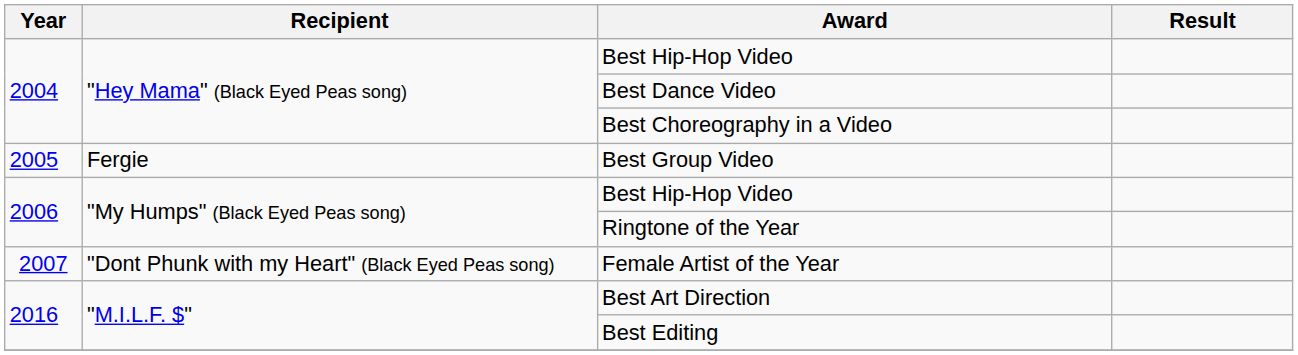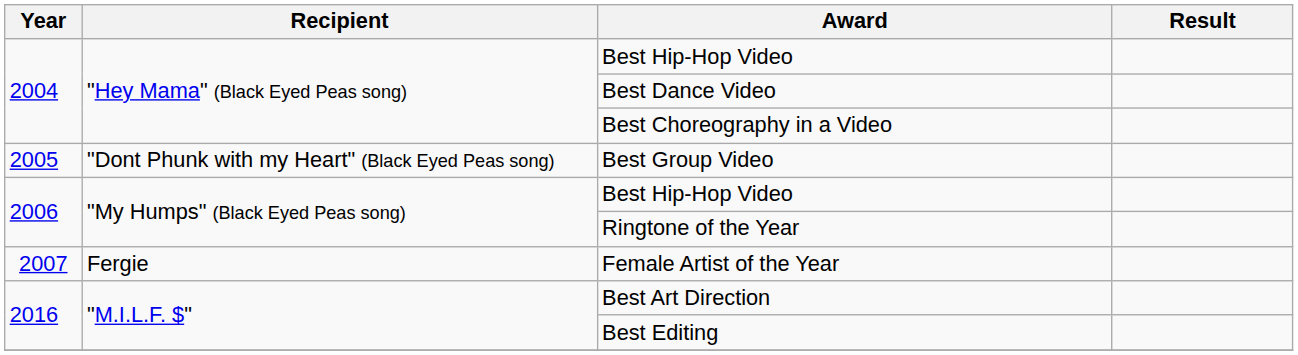 <table style="width: 75%;" class="wikitable">
 <tr>
 <th style="width:6%;"><strong>Year</strong></th>
 <th style="width:40%;"><strong>Recipient</strong></th>
 <th style="width:40%;"><strong>Award</strong></th>
 <th style="width:14%;"><strong>Result</strong></th>
 </tr>
 <tr>
 <td rowspan=3><a href='#'>2004</a></td>
 <td rowspan=3>"<a href='#'>Hey Mama</a>" <small>(Black Eyed Peas song)</small></td>
 <td>Best Hip-Hop Video</td>
 <td></td>
 </tr>
 <tr>
 <td>Best Dance Video</td>
 <td></td>
 </tr>
 <tr>
 <td>Best Choreography in a Video</td>
 <td></td>
 </tr>
 <tr>
 <td><a href='#'>2005</a></td>
-<td rowspan="1" style="text-align:left;">Fergie</td>
+<td>"Dont Phunk with my Heart" <small>(Black Eyed Peas song)</small></td>
 <td>Best Group Video</td>
 <td></td>
 </tr>
 <tr>
 <td rowspan=2><a href='#'>2006</a></td>
 <td rowspan=2>"My Humps" <small>(Black Eyed Peas song)</small></td>
 <td>Best Hip-Hop Video</td>
 <td></td>
 </tr>
 <tr>
 <td>Ringtone of the Year</td>
 <td></td>
 </tr>
 <tr>
 <td rowspan="1" style="text-align:center;"><a href='#'>2007</a></td>
-<td>"Dont Phunk with my Heart" <small>(Black Eyed Peas song)</small></td>
+<td rowspan="1" style="text-align:left;">Fergie</td>
 <td>Female Artist of the Year</td>
 <td></td>
 </tr>
 <tr>
 <td rowspan=2><a href='#'>2016</a></td>
 <td rowspan=2>"<a href='#'>M.I.L.F. $</a>"</td>
 <td>Best Art Direction</td>
 <td></td>
 </tr>
 <tr>
 <td>Best Editing</td>
 <td></td>
 </tr>
 <tr>
 </tr>
 </table>
